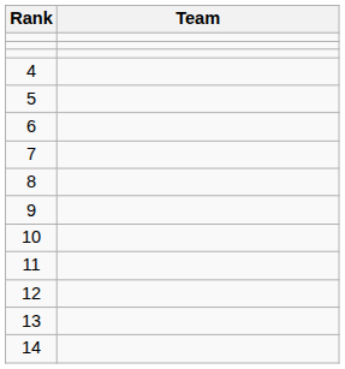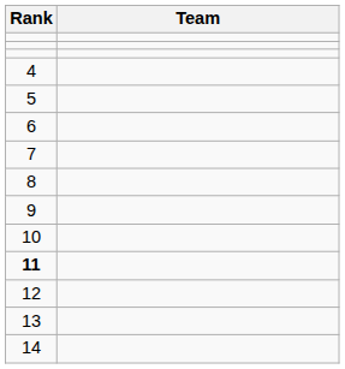 <table class="wikitable" style="text-align:center;">
 <tr>
 <th width=40>Rank</th>
 <th width=250>Team</th>
 </tr>
 <tr>
 <td></td>
 <td style="text-align:left;"></td>
 </tr>
 <tr>
 <td></td>
 <td style="text-align:left;"></td>
 </tr>
 <tr>
 <td></td>
 <td style="text-align:left;"></td>
 </tr>
 <tr>
 <td>4</td>
 <td style="text-align:left;"></td>
 </tr>
 <tr>
 <td>5</td>
 <td style="text-align:left;"></td>
 </tr>
 <tr>
 <td>6</td>
 <td style="text-align:left;"></td>
 </tr>
 <tr>
 <td>7</td>
 <td style="text-align:left;"></td>
 </tr>
 <tr>
 <td>8</td>
 <td style="text-align:left;"></td>
 </tr>
 <tr>
 <td>9</td>
 <td style="text-align:left;"></td>
 </tr>
 <tr>
 <td>10</td>
 <td style="text-align:left;"></td>
 </tr>
 <tr>
-<td>11</td>
+<td><strong>11</strong></td>
 <td style="text-align:left;"></td>
 </tr>
 <tr>
 <td>12</td>
 <td style="text-align:left;"></td>
 </tr>
 <tr>
 <td>13</td>
 <td style="text-align:left;"></td>
 </tr>
 <tr>
 <td>14</td>
 <td style="text-align:left;"></td>
 </tr>
 </table>
